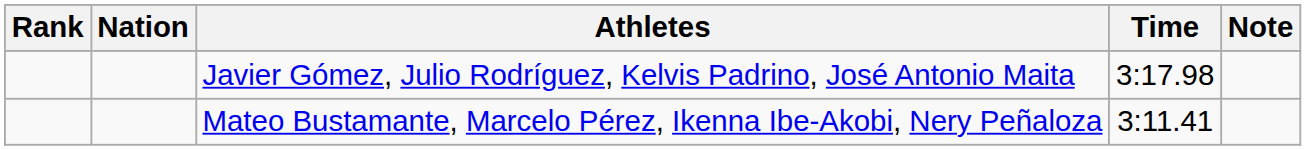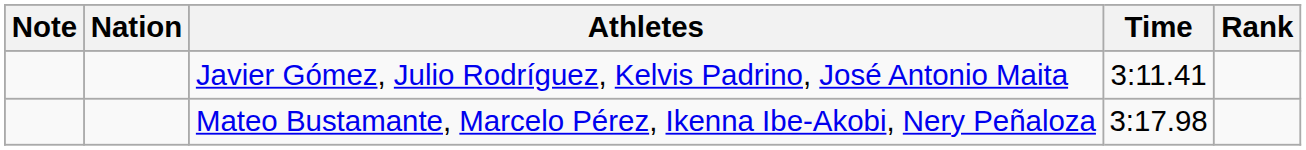 <table class="wikitable sortable" style="text-align:center">
 <tr>
-<th>Rank</th>
+<th>Note</th>
 <th>Nation</th>
 <th>Athletes</th>
 <th>Time</th>
-<th>Note</th>
+<th>Rank</th>
 </tr>
 <tr>
 <td></td>
 <td align=left></td>
 <td align=left><a href='#'>Javier Gómez</a>, <a href='#'>Julio Rodríguez</a>, <a href='#'>Kelvis Padrino</a>, <a href='#'>José Antonio Maita</a></td>
-<td>3:17.98</td>
+<td>3:11.41</td>
 <td></td>
 </tr>
 <tr>
 <td></td>
 <td align=left></td>
 <td align=left><a href='#'>Mateo Bustamante</a>, <a href='#'>Marcelo Pérez</a>, <a href='#'>Ikenna Ibe-Akobi</a>, <a href='#'>Nery Peñaloza</a></td>
-<td>3:11.41</td>
+<td>3:17.98</td>
 <td></td>
 </tr>
 </table>
